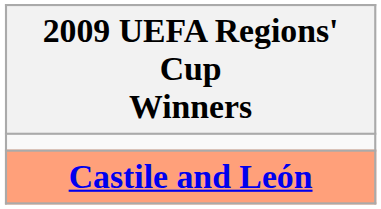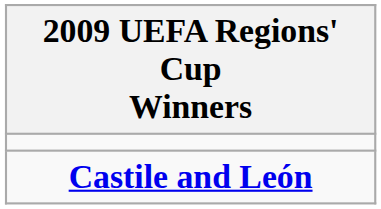 <table class="wikitable" style="text-align: center; margin: 0 auto; width: 20%">
 <tr>
 <th>2009 UEFA Regions' Cup<br>Winners</th>
 </tr>
 <tr>
 <td> </td>
 </tr>
 <tr>
-<td style="background: lightsalmon;"><strong><a href='#'>Castile and León</a></strong></td>
+<td><strong><a href='#'>Castile and León</a></strong></td>
 </tr>
 </table>
